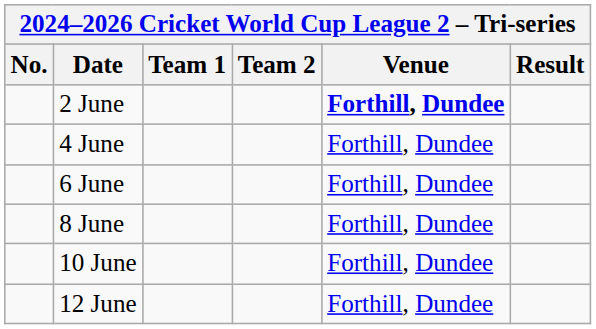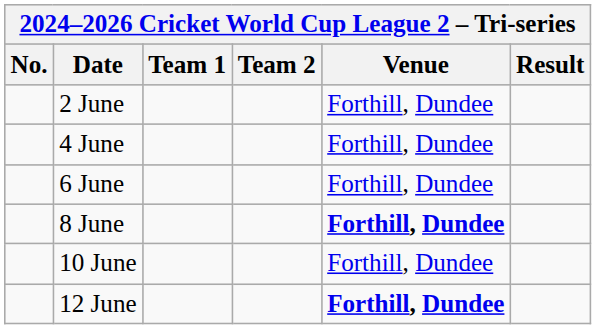 <table class="wikitable">
 <tr>
 <th colspan="6"><a href='#'>2024–2026 Cricket World Cup League 2</a> – Tri-series</th>
 </tr>
 <tr>
 <th>No.</th>
 <th>Date</th>
 <th>Team 1</th>
 <th>Team 2</th>
 <th>Venue</th>
 <th>Result</th>
 </tr>
 <tr>
 <td></td>
 <td>2 June</td>
 <td></td>
 <td></td>
-<td><strong><a href='#'>Forthill</a>, <a href='#'>Dundee</a></strong></td>
+<td><a href='#'>Forthill</a>, <a href='#'>Dundee</a></td>
 <td></td>
 </tr>
 <tr>
 <td></td>
 <td>4 June</td>
 <td></td>
 <td></td>
 <td><a href='#'>Forthill</a>, <a href='#'>Dundee</a></td>
 <td></td>
 </tr>
 <tr>
 <td></td>
 <td>6 June</td>
 <td></td>
 <td></td>
 <td><a href='#'>Forthill</a>, <a href='#'>Dundee</a></td>
 <td></td>
 </tr>
 <tr>
 <td></td>
 <td>8 June</td>
 <td></td>
 <td></td>
-<td><a href='#'>Forthill</a>, <a href='#'>Dundee</a></td>
+<td><strong><a href='#'>Forthill</a>, <a href='#'>Dundee</a></strong></td>
 <td></td>
 </tr>
 <tr>
 <td></td>
 <td>10 June</td>
 <td></td>
 <td></td>
 <td><a href='#'>Forthill</a>, <a href='#'>Dundee</a></td>
 <td></td>
 </tr>
 <tr>
 <td></td>
 <td>12 June</td>
 <td></td>
 <td></td>
-<td><a href='#'>Forthill</a>, <a href='#'>Dundee</a></td>
+<td><strong><a href='#'>Forthill</a>, <a href='#'>Dundee</a></strong></td>
 <td></td>
 </tr>
 </table>
